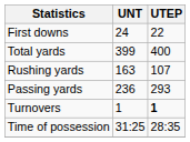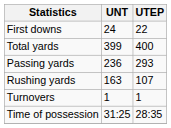 <table class="wikitable">
 <tr>
 <th>Statistics</th>
 <th>UNT</th>
 <th>UTEP</th>
 </tr>
 <tr>
 <td>First downs</td>
 <td>24</td>
 <td>22</td>
 </tr>
 <tr>
 <td>Total yards</td>
 <td>399</td>
 <td>400</td>
 </tr>
 <tr>
+<td>Passing yards</td>
+<td>236</td>
+<td>293</td>
+</tr>
+<tr>
 <td>Rushing yards</td>
 <td>163</td>
 <td>107</td>
 </tr>
 <tr>
-<td>Passing yards</td>
-<td>236</td>
-<td>293</td>
-</tr>
-<tr>
 <td>Turnovers</td>
 <td>1</td>
-<td><strong>1</strong></td>
+<td>1</td>
 </tr>
 <tr>
 <td>Time of possession</td>
 <td>31:25</td>
 <td>28:35</td>
 </tr>
 <tr>
 </tr>
 </table>
